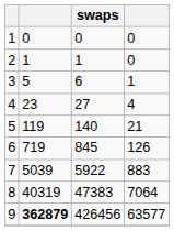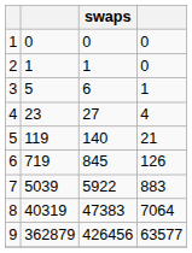 <table class="wikitable">
 <tr>
 <th></th>
 <th></th>
 <th>swaps</th>
 <th></th>
 </tr>
 <tr>
 <td>1</td>
 <td>0</td>
 <td>0</td>
 <td>0</td>
 </tr>
 <tr>
 <td>2</td>
 <td>1</td>
 <td>1</td>
 <td>0</td>
 </tr>
 <tr>
 <td>3</td>
 <td>5</td>
 <td>6</td>
 <td>1</td>
 </tr>
 <tr>
 <td>4</td>
 <td>23</td>
 <td>27</td>
 <td>4</td>
 </tr>
 <tr>
 <td>5</td>
 <td>119</td>
 <td>140</td>
 <td>21</td>
 </tr>
 <tr>
 <td>6</td>
 <td>719</td>
 <td>845</td>
 <td>126</td>
 </tr>
 <tr>
 <td>7</td>
 <td>5039</td>
 <td>5922</td>
 <td>883</td>
 </tr>
 <tr>
 <td>8</td>
 <td>40319</td>
 <td>47383</td>
 <td>7064</td>
 </tr>
 <tr>
 <td>9</td>
-<td><strong>362879</strong></td>
+<td>362879</td>
 <td>426456</td>
 <td>63577</td>
 </tr>
 <tr>
 </tr>
 </table>
